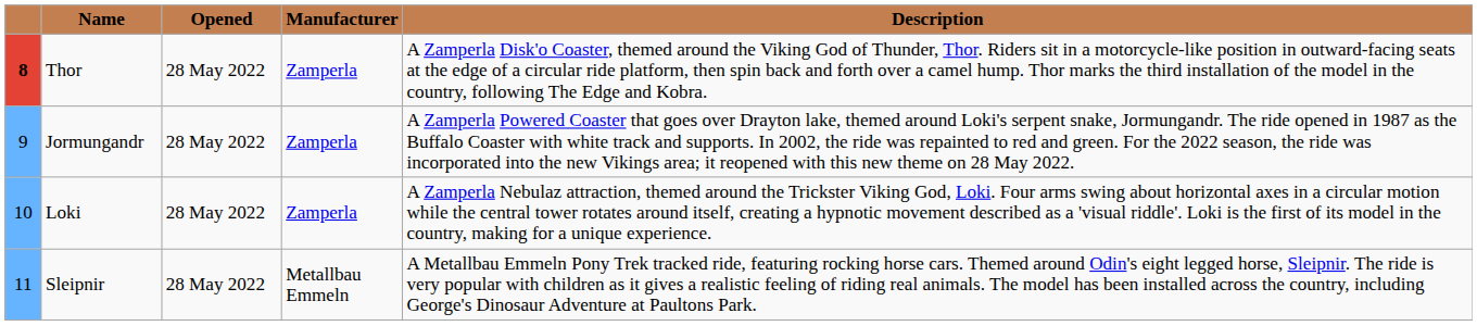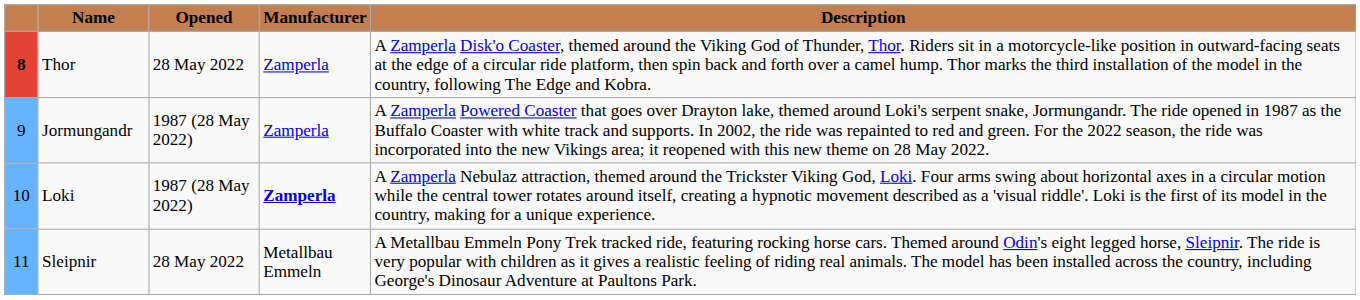 <table class="wikitable sortable" style="width: 100%; font sizes: 95%;">
 <tr>
 <th style="background-color: #c37f50; width: 1.5em;"></th>
 <th style="background-color: #c37f50; width: 6em;">Name</th>
 <th style="background-color: #c37f50; width: 6em;">Opened</th>
 <th style="background-color: #c37f50; width: 6em;">Manufacturer</th>
 <th style="background-color: #c37f50;">Description</th>
 </tr>
 <tr>
 <td bgcolor="#e34234" style="text-align: center;"><strong>8</strong></td>
 <td>Thor</td>
 <td>28 May 2022</td>
 <td><a href='#'>Zamperla</a></td>
 <td>A <a href='#'>Zamperla</a> <a href='#'>Disk'o Coaster</a>, themed around the Viking God of Thunder, <a href='#'>Thor</a>. Riders sit in a motorcycle-like position in outward-facing seats at the edge of a circular ride platform, then spin back and forth over a camel hump. Thor marks the third installation of the model in the country, following The Edge and Kobra.</td>
 </tr>
 <tr>
 <td bgcolor="#66b3ff" style="text-align: center;">9</td>
 <td>Jormungandr</td>
-<td>28 May 2022</td>
+<td>1987 (28 May 2022)</td>
 <td><a href='#'>Zamperla</a></td>
 <td>A <a href='#'>Zamperla</a> <a href='#'>Powered Coaster</a> that goes over Drayton lake, themed around Loki's serpent snake, Jormungandr. The ride opened in 1987 as the Buffalo Coaster with white track and supports. In 2002, the ride was repainted to red and green. For the 2022 season, the ride was incorporated into the new Vikings area; it reopened with this new theme on 28 May 2022.</td>
 </tr>
 <tr>
 <td bgcolor="#66b3ff" style="text-align: center;">10</td>
 <td>Loki</td>
-<td>28 May 2022</td>
-<td><a href='#'>Zamperla</a></td>
+<td>1987 (28 May 2022)</td>
+<td><strong><a href='#'>Zamperla</a></strong></td>
 <td>A <a href='#'>Zamperla</a> Nebulaz attraction, themed around the Trickster Viking God, <a href='#'>Loki</a>. Four arms swing about horizontal axes in a circular motion while the central tower rotates around itself, creating a hypnotic movement described as a 'visual riddle'. Loki is the first of its model in the country, making for a unique experience.</td>
 </tr>
 <tr>
 <td bgcolor="#66b3ff" style="text-align: center;">11</td>
 <td>Sleipnir</td>
 <td>28 May 2022</td>
 <td>Metallbau Emmeln</td>
 <td>A Metallbau Emmeln Pony Trek tracked ride, featuring rocking horse cars. Themed around <a href='#'>Odin</a>'s eight legged horse, <a href='#'>Sleipnir</a>. The ride is very popular with children as it gives a realistic feeling of riding real animals. The model has been installed across the country, including George's Dinosaur Adventure at Paultons Park.</td>
 </tr>
 </table>
